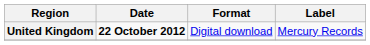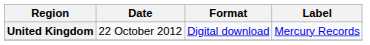 <table class="wikitable plainrowheaders">
 <tr>
 <th>Region</th>
 <th>Date</th>
 <th>Format</th>
 <th>Label</th>
 </tr>
 <tr>
 <th scope="row">United Kingdom</th>
-<td><strong>22 October 2012</strong></td>
+<td>22 October 2012</td>
 <td><a href='#'>Digital download</a></td>
 <td><a href='#'>Mercury Records</a></td>
 </tr>
 <tr>
 </tr>
 </table>
